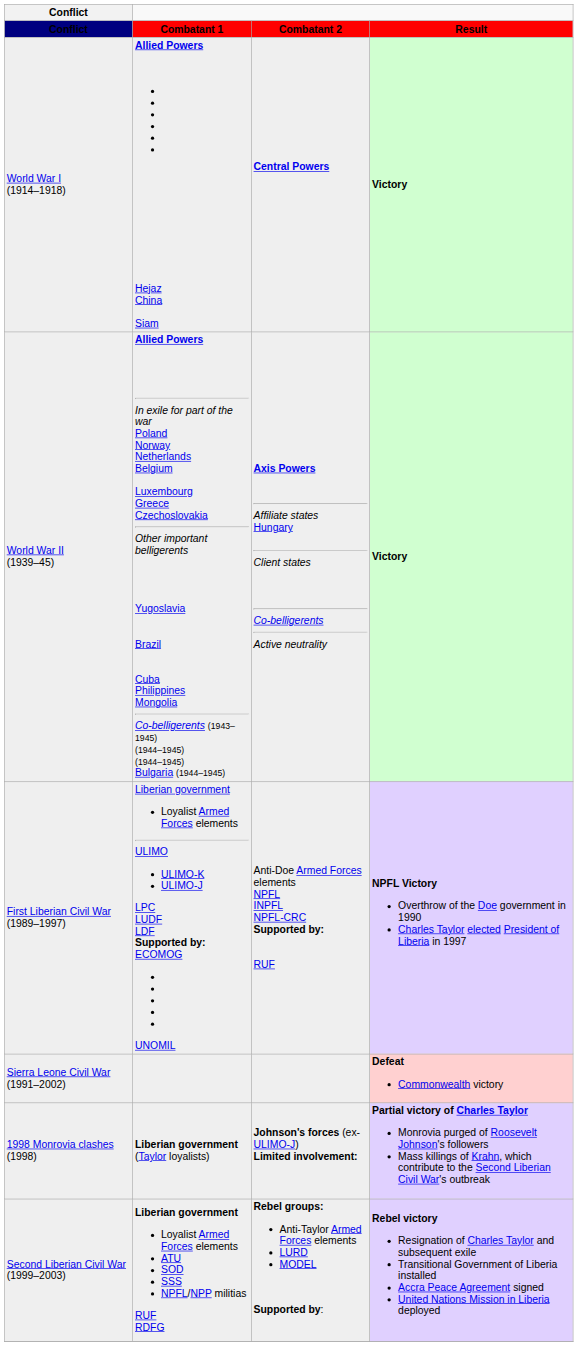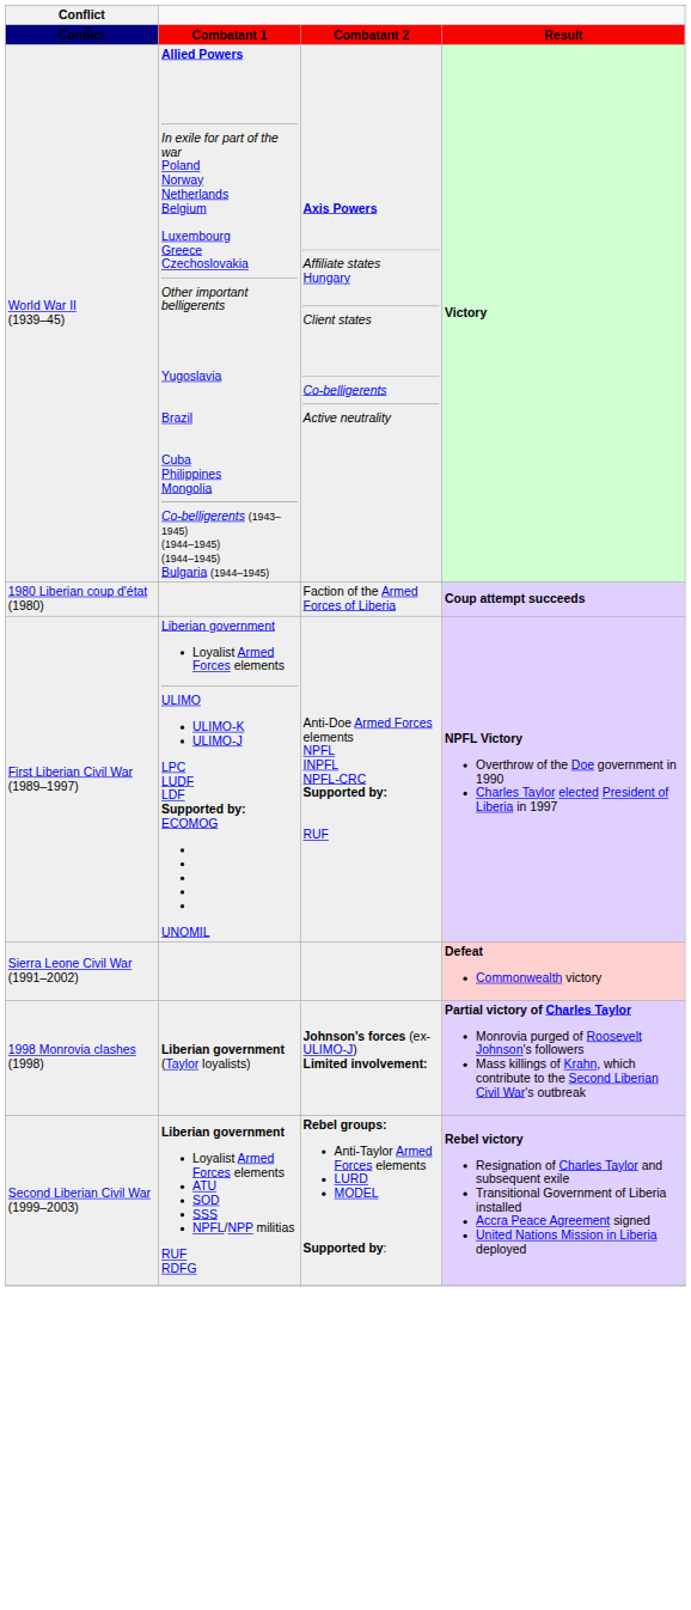 <table class="wikitable">
 <tr>
 <th style=“background:red” width=“175”><span>Conflict</span></th>
 </tr>
 <tr>
 <th style="background:navy" width="190"><span>Conflict</span></th>
 <th style="background:red" width="175"><span>Combatant 1</span></th>
 <th style="background:red" width="175"><span>Combatant 2</span></th>
 <th style="background:red" width="305"><span>Result</span></th>
 </tr>
 <tr>
-<td style="background:#efefef"><a href='#'>World War I</a><br>(1914–1918)</td>
-<td style="background:#efefef"><strong><a href='#'>Allied Powers</a></strong><br><br><br><ul><li></li><li></li><li></li><li></li><li></li><li></li></ul> <br><br> <br> <br><br><br><br> <br> <br> <br> <a href='#'>Hejaz</a> <br> <a href='#'>China</a> <br> <br> <a href='#'>Siam</a> <br> </td>
-<td style="background:#efefef"><strong><a href='#'>Central Powers</a></strong><br><br><br><br> </td>
-<td style="background:#D0FFD0"><strong>Victory</strong></td>
-</tr>
-<tr>
 <td style="background:#efefef"><a href='#'>World War II</a><br>(1939–45)</td>
 <td style="background:#efefef"><strong><a href='#'>Allied Powers</a></strong> <br>   <br>   <br>  <br>  <br>   <hr> <em>In exile for part of the war</em> <br>  <a href='#'>Poland</a> <br>  <a href='#'>Norway</a> <br>  <a href='#'>Netherlands</a> <br>  <a href='#'>Belgium</a> <br>   <br>  <a href='#'>Luxembourg</a> <br>  <a href='#'>Greece</a> <br>  <a href='#'>Czechoslovakia</a> <hr> <em>Other important belligerents</em> <br>  <br>   <br>  <br>  <br>  <a href='#'>Yugoslavia</a> <br>  <br> <br>  <a href='#'>Brazil</a><br> <br> <br>  <a href='#'>Cuba</a><br>  <a href='#'>Philippines</a><br>  <a href='#'>Mongolia</a><hr><em><a href='#'>Co-belligerents</a></em> <small>(1943–1945)</small><br> <small>(1944–1945)</small><br> <small>(1944–1945)</small><br> <a href='#'>Bulgaria</a> <small>(1944–1945)</small></td>
 <td style="background:#efefef"><strong><a href='#'>Axis Powers</a></strong> <br>  <br>  <br>  <hr> <em>Affiliate states</em> <br>  <a href='#'>Hungary</a>  <br>   <br>  <hr> <em>Client states</em>  <br>  <br>  <br>  <br>  <hr> <em><a href='#'>Co-belligerents</a></em>     <hr> <em>Active neutrality</em>  </td>
 <td style="background:#D0FFD0"><strong>Victory</strong></td>
+</tr>
+<tr>
+<td style="background:#efefef"><a href='#'>1980 Liberian coup d'état</a><br>(1980)</td>
+<td style="background:#efefef"></td>
+<td style="background:#efefef"> Faction of the <a href='#'>Armed Forces of Liberia</a></td>
+<td style="background:#E0D0FF"><strong>Coup attempt succeeds</strong></td>
 </tr>
 <tr>
 <td style="background:#efefef"><a href='#'>First Liberian Civil War</a><br>(1989–1997)</td>
 <td style="background:#efefef"> <a href='#'>Liberian government</a><br><ul><li> Loyalist <a href='#'>Armed Forces</a> elements</li></ul><hr>  <a href='#'>ULIMO</a> <ul><li> <a href='#'>ULIMO-K</a> </li><li> <a href='#'>ULIMO-J</a> </li></ul> <a href='#'>LPC</a> <br> <a href='#'>LUDF</a> <br> <a href='#'>LDF</a> <br><strong>Supported by:</strong><br><a href='#'>ECOMOG</a><ul><li> </li><li> </li><li> </li><li> </li><li> </li></ul> <a href='#'>UNOMIL</a> </td>
 <td style="background:#efefef">Anti-Doe <a href='#'>Armed Forces</a> elements<br> <a href='#'>NPFL</a><br> <a href='#'>INPFL</a> <br> <a href='#'>NPFL-CRC</a> <br><strong>Supported by:</strong><br><br><br> <a href='#'>RUF</a></td>
 <td style="background:#E0D0FF"><strong>NPFL Victory</strong><br><ul><li>Overthrow of the <a href='#'>Doe</a> government in 1990</li><li><a href='#'>Charles Taylor</a> <a href='#'>elected</a> <a href='#'>President of Liberia</a> in 1997</li></ul></td>
 </tr>
 <tr>
 <td style="background:#efefef"><a href='#'>Sierra Leone Civil War</a><br>(1991–2002)</td>
 <td style="background:#efefef"></td>
 <td style="background:#efefef"></td>
 <td style="background:#FFD0D0"><strong>Defeat</strong><br><ul><li><a href='#'>Commonwealth</a> victory</li></ul></td>
 </tr>
 <tr>
 <td style="background:#efefef"><a href='#'>1998 Monrovia clashes</a><br>(1998)</td>
 <td style="background:#efefef"> <strong>Liberian government</strong> (<a href='#'>Taylor</a> loyalists)</td>
 <td style="background:#efefef"> <strong>Johnson's forces</strong> (ex-<a href='#'>ULIMO-J</a>)<br><strong>Limited involvement:</strong><br><br></td>
 <td style="background:#E0D0FF"><strong>Partial victory of <a href='#'>Charles Taylor</a></strong><br><ul><li>Monrovia purged of <a href='#'>Roosevelt Johnson</a>'s followers</li><li>Mass killings of <a href='#'>Krahn</a>, which contribute to the <a href='#'>Second Liberian Civil War</a>'s outbreak</li></ul></td>
 </tr>
 <tr>
 <td style="background:#efefef"><a href='#'>Second Liberian Civil War</a><br>(1999–2003)</td>
 <td style="background:#efefef"> <strong>Liberian government</strong><br><ul><li>Loyalist <a href='#'>Armed Forces</a> elements</li><li><a href='#'>ATU</a></li><li><a href='#'>SOD</a></li><li><a href='#'>SSS</a></li><li><a href='#'>NPFL</a>/<a href='#'>NPP</a> militias</li></ul> <a href='#'>RUF</a><br><a href='#'>RDFG</a></td>
 <td style="background:#efefef"> <strong>Rebel groups:</strong><br><ul><li>Anti-Taylor <a href='#'>Armed Forces</a> elements</li><li><a href='#'>LURD</a></li><li><a href='#'>MODEL</a></li></ul><br>  <br> <strong>Supported by</strong>: <br> <br><br></td>
 <td style="background:#E0D0FF"><strong>Rebel victory</strong><br><ul><li>Resignation of <a href='#'>Charles Taylor</a> and subsequent exile</li><li>Transitional Government of Liberia installed</li><li><a href='#'>Accra Peace Agreement</a> signed</li><li><a href='#'>United Nations Mission in Liberia</a> deployed</li></ul></td>
 </tr>
 <tr>
 </tr>
 </table>
